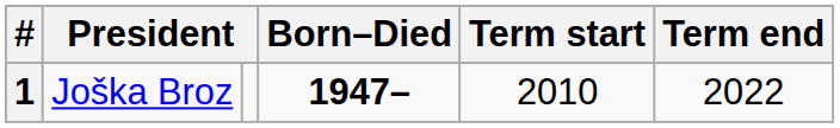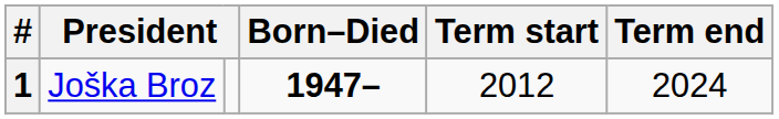 <table class="wikitable" style="text-align:center">
 <tr>
 <th>#</th>
 <th colspan="2">President</th>
 <th>Born–Died</th>
 <th>Term start</th>
 <th>Term end</th>
 </tr>
 <tr>
 <th style="background:">1</th>
 <td><a href='#'>Joška Broz</a></td>
 <td></td>
 <td><strong>1947–</strong></td>
-<td>2010</td>
-<td>2022</td>
+<td>2012</td>
+<td>2024</td>
 </tr>
 </table>
